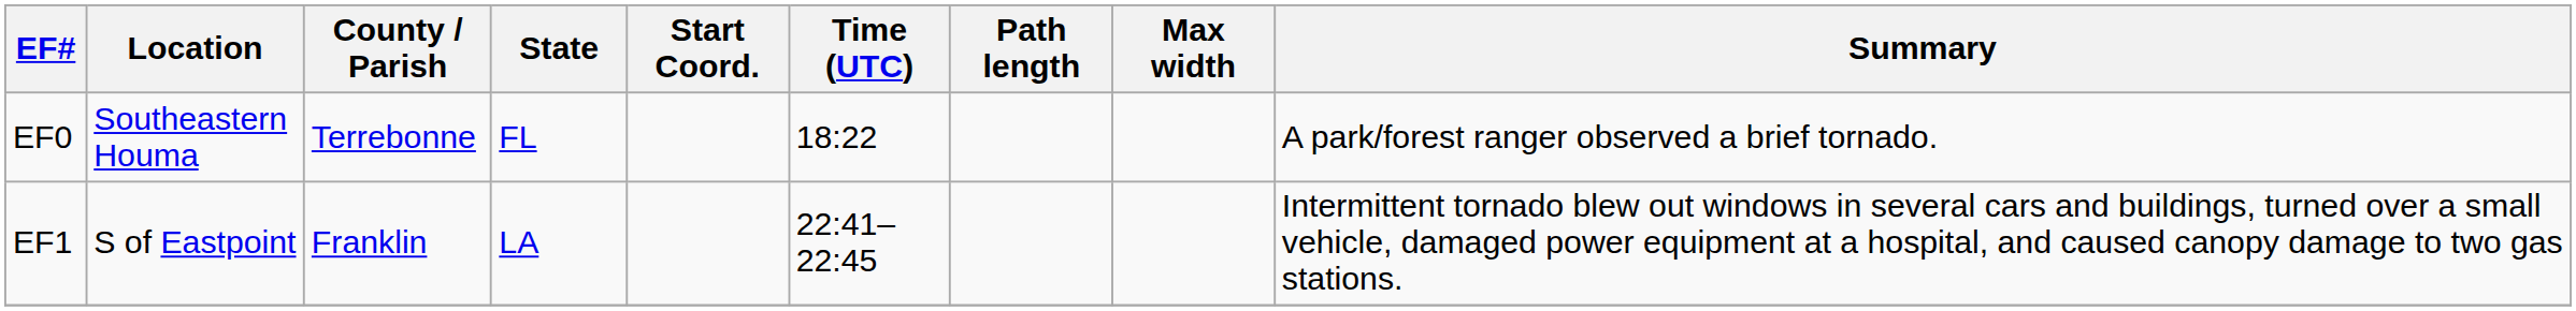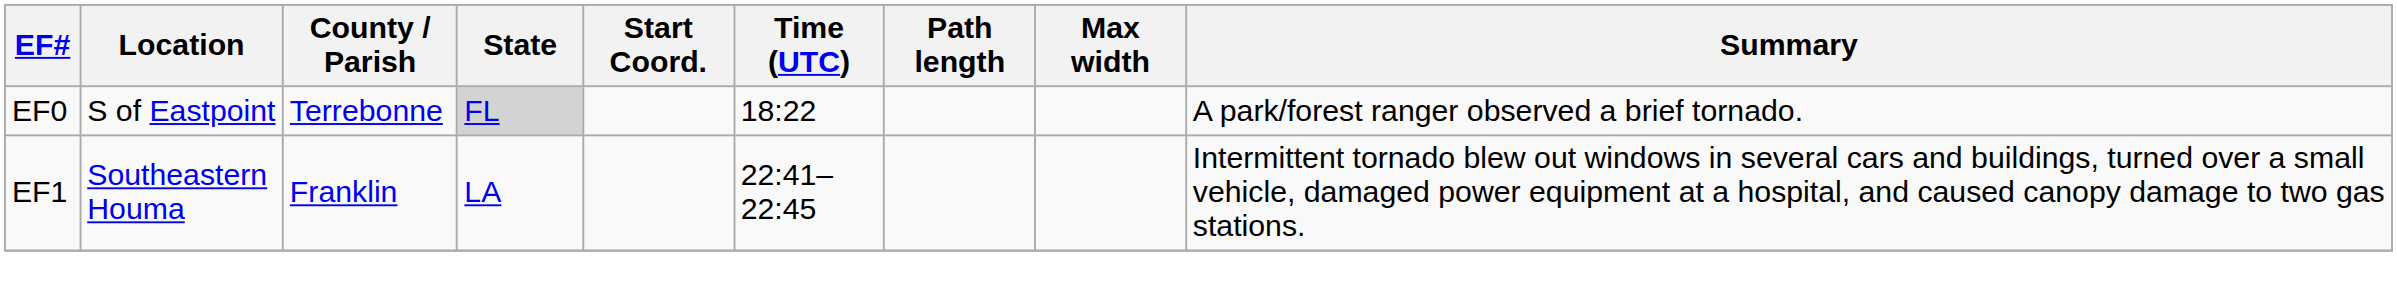 <table class="wikitable sortable" style="width:100%;">
 <tr>
 <th scope="col"  style="width:3%; text-align:center;"><a href='#'>EF#</a></th>
 <th scope="col"  style="width:7%; text-align:center;" class="unsortable">Location</th>
 <th scope="col"  style="width:6%; text-align:center;" class="unsortable">County / Parish</th>
 <th scope="col"  style="width:5%; text-align:center;">State</th>
 <th scope="col"  style="width:6%; text-align:center;">Start Coord.</th>
 <th scope="col"  style="width:6%; text-align:center;">Time (<a href='#'>UTC</a>)</th>
 <th scope="col"  style="width:6%; text-align:center;">Path length</th>
 <th scope="col"  style="width:6%; text-align:center;">Max width</th>
 <th scope="col" class="unsortable" style="width:48%; text-align:center;">Summary</th>
 </tr>
 <tr>
 <td>EF0</td>
-<td><a href='#'>Southeastern Houma</a></td>
+<td>S of <a href='#'>Eastpoint</a></td>
 <td><a href='#'>Terrebonne</a></td>
-<td><a href='#'>FL</a></td>
+<td style="background: lightgrey;"><a href='#'>FL</a></td>
 <td></td>
 <td>18:22</td>
 <td></td>
 <td></td>
 <td>A park/forest ranger observed a brief tornado.</td>
 </tr>
 <tr>
 <td>EF1</td>
-<td>S of <a href='#'>Eastpoint</a></td>
+<td><a href='#'>Southeastern Houma</a></td>
 <td><a href='#'>Franklin</a></td>
 <td><a href='#'>LA</a></td>
 <td></td>
 <td>22:41–22:45</td>
 <td></td>
 <td></td>
 <td>Intermittent tornado blew out windows in several cars and buildings, turned over a small vehicle, damaged power equipment at a hospital, and caused canopy damage to two gas stations.</td>
 </tr>
 <tr>
 </tr>
 </table>
